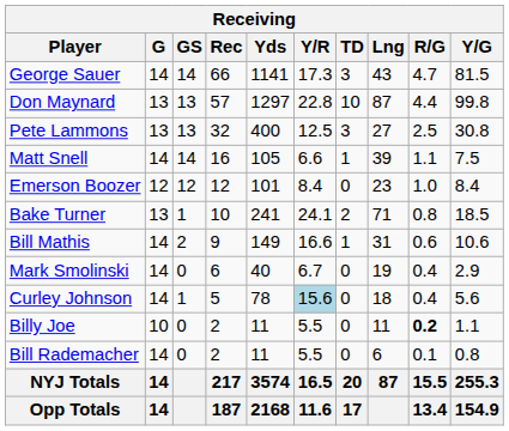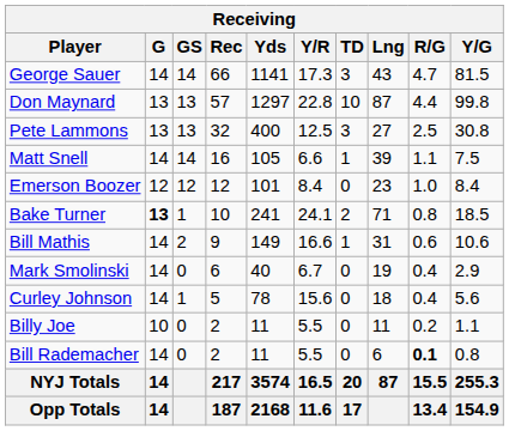 <table class="wikitable">
 <tr>
 <th colspan="10">Receiving</th>
 </tr>
 <tr>
 <th>Player</th>
 <th>G</th>
 <th>GS</th>
 <th>Rec</th>
 <th>Yds</th>
 <th>Y/R</th>
 <th>TD</th>
 <th>Lng</th>
 <th>R/G</th>
 <th>Y/G</th>
 </tr>
 <tr>
 <td><a href='#'>George Sauer</a></td>
 <td>14</td>
 <td>14</td>
 <td>66</td>
 <td>1141</td>
 <td>17.3</td>
 <td>3</td>
 <td>43</td>
 <td>4.7</td>
 <td>81.5</td>
 </tr>
 <tr>
 <td><a href='#'>Don Maynard</a></td>
 <td>13</td>
 <td>13</td>
 <td>57</td>
 <td>1297</td>
 <td>22.8</td>
 <td>10</td>
 <td>87</td>
 <td>4.4</td>
 <td>99.8</td>
 </tr>
 <tr>
 <td><a href='#'>Pete Lammons</a></td>
 <td>13</td>
 <td>13</td>
 <td>32</td>
 <td>400</td>
 <td>12.5</td>
 <td>3</td>
 <td>27</td>
 <td>2.5</td>
 <td>30.8</td>
 </tr>
 <tr>
 <td><a href='#'>Matt Snell</a></td>
 <td>14</td>
 <td>14</td>
 <td>16</td>
 <td>105</td>
 <td>6.6</td>
 <td>1</td>
 <td>39</td>
 <td>1.1</td>
 <td>7.5</td>
 </tr>
 <tr>
 <td><a href='#'>Emerson Boozer</a></td>
 <td>12</td>
 <td>12</td>
 <td>12</td>
 <td>101</td>
 <td>8.4</td>
 <td>0</td>
 <td>23</td>
 <td>1.0</td>
 <td>8.4</td>
 </tr>
 <tr>
 <td><a href='#'>Bake Turner</a></td>
-<td>13</td>
+<td><strong>13</strong></td>
 <td>1</td>
 <td>10</td>
 <td>241</td>
 <td>24.1</td>
 <td>2</td>
 <td>71</td>
 <td>0.8</td>
 <td>18.5</td>
 </tr>
 <tr>
 <td><a href='#'>Bill Mathis</a></td>
 <td>14</td>
 <td>2</td>
 <td>9</td>
 <td>149</td>
 <td>16.6</td>
 <td>1</td>
 <td>31</td>
 <td>0.6</td>
 <td>10.6</td>
 </tr>
 <tr>
 <td><a href='#'>Mark Smolinski</a></td>
 <td>14</td>
 <td>0</td>
 <td>6</td>
 <td>40</td>
 <td>6.7</td>
 <td>0</td>
 <td>19</td>
 <td>0.4</td>
 <td>2.9</td>
 </tr>
 <tr>
 <td><a href='#'>Curley Johnson</a></td>
 <td>14</td>
 <td>1</td>
 <td>5</td>
 <td>78</td>
-<td style="background: lightblue;">15.6</td>
+<td>15.6</td>
 <td>0</td>
 <td>18</td>
 <td>0.4</td>
 <td>5.6</td>
 </tr>
 <tr>
 <td><a href='#'>Billy Joe</a></td>
 <td>10</td>
 <td>0</td>
 <td>2</td>
 <td>11</td>
 <td>5.5</td>
 <td>0</td>
 <td>11</td>
-<td><strong>0.2</strong></td>
+<td>0.2</td>
 <td>1.1</td>
 </tr>
 <tr>
 <td><a href='#'>Bill Rademacher</a></td>
 <td>14</td>
 <td>0</td>
 <td>2</td>
 <td>11</td>
 <td>5.5</td>
 <td>0</td>
 <td>6</td>
-<td>0.1</td>
+<td><strong>0.1</strong></td>
 <td>0.8</td>
 </tr>
 <tr>
 <th><strong>NYJ Totals</strong></th>
 <th>14</th>
 <th></th>
 <th>217</th>
 <th>3574</th>
 <th>16.5</th>
 <th>20</th>
 <th>87</th>
 <th>15.5</th>
 <th>255.3</th>
 </tr>
 <tr>
 <th><strong>Opp Totals</strong></th>
 <th>14</th>
 <th></th>
 <th>187</th>
 <th>2168</th>
 <th>11.6</th>
 <th>17</th>
 <th></th>
 <th>13.4</th>
 <th>154.9</th>
 </tr>
 </table>
